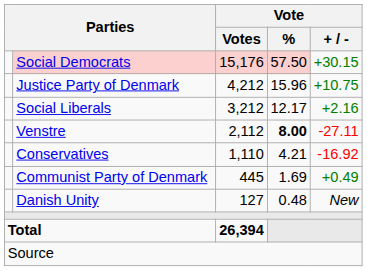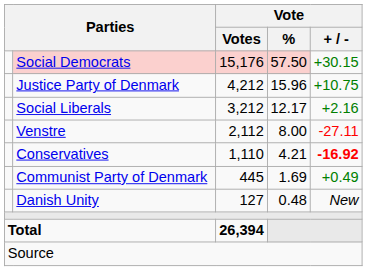 <table class="wikitable" style="text-align:right;">
 <tr>
 <th style="text-align:centre;" rowspan="2" colspan="2" width="225">Parties</th>
 <th colspan="3">Vote</th>
 </tr>
 <tr>
 <th width="15">Votes</th>
 <th width="15">%</th>
 <th width="15">+ / -</th>
 </tr>
 <tr>
 <td width="2" style="color:inherit;background:"></td>
 <td bgcolor=#fbd0ce  align="left"><a href='#'>Social Democrats</a></td>
 <td bgcolor=#fbd0ce>15,176</td>
 <td bgcolor=#fbd0ce>57.50</td>
 <td style=color:green;>+30.15</td>
 </tr>
 <tr>
 <td width="2" style="color:inherit;background:"></td>
 <td align="left"><a href='#'>Justice Party of Denmark</a></td>
 <td>4,212</td>
 <td>15.96</td>
 <td style=color:green;>+10.75</td>
 </tr>
 <tr>
 <td width="2" style="color:inherit;background:"></td>
 <td align="left"><a href='#'>Social Liberals</a></td>
 <td>3,212</td>
 <td>12.17</td>
 <td style=color:green;>+2.16</td>
 </tr>
 <tr>
 <td width="2" style="color:inherit;background:"></td>
 <td align="left"><a href='#'>Venstre</a></td>
 <td>2,112</td>
-<td><strong>8.00</strong></td>
+<td>8.00</td>
 <td style=color:red;>-27.11</td>
 </tr>
 <tr>
 <td width="2" style="color:inherit;background:"></td>
 <td align="left"><a href='#'>Conservatives</a></td>
 <td>1,110</td>
 <td>4.21</td>
-<td style=color:red;>-16.92</td>
+<td style=color:red;><strong>-16.92</strong></td>
 </tr>
 <tr>
 <td width="2" style="color:inherit;background:"></td>
 <td align="left"><a href='#'>Communist Party of Denmark</a></td>
 <td>445</td>
 <td>1.69</td>
 <td style=color:green;>+0.49</td>
 </tr>
 <tr>
 <td width="2" style="color:inherit;background:"></td>
 <td align="left"><a href='#'>Danish Unity</a></td>
 <td>127</td>
 <td>0.48</td>
 <td><em>New</em></td>
 </tr>
 <tr>
 <td colspan="7" bgcolor="#E9E9E9"></td>
 </tr>
 <tr>
 <td align="left" colspan="2"><strong>Total</strong></td>
 <td><strong>26,394</strong></td>
 <td bgcolor="#E9E9E9" colspan="2"></td>
 </tr>
 <tr>
 <td align="left" colspan="6">Source</td>
 </tr>
 </table>
